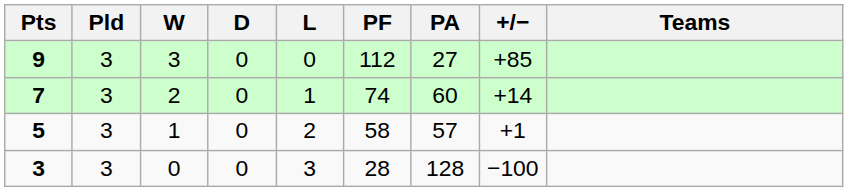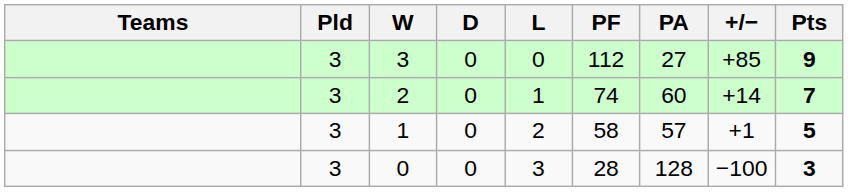 <table class="wikitable" style="text-align: center;">
 <tr>
-<th width="40">Pts</th>
+<th width="200">Teams</th>
 <th width="40">Pld</th>
 <th width="40">W</th>
 <th width="40">D</th>
 <th width="40">L</th>
 <th width="40">PF</th>
 <th width="40">PA</th>
 <th width="40">+/−</th>
-<th width="200">Teams</th>
+<th width="40">Pts</th>
 </tr>
 <tr bgcolor=ccffcc>
-<td><strong>9</strong></td>
+<td align=left></td>
 <td>3</td>
 <td>3</td>
 <td>0</td>
 <td>0</td>
 <td>112</td>
 <td>27</td>
 <td>+85</td>
-<td align=left></td>
+<td><strong>9</strong></td>
 </tr>
 <tr bgcolor=ccffcc>
-<td><strong>7</strong></td>
+<td align=left></td>
 <td>3</td>
 <td>2</td>
 <td>0</td>
 <td>1</td>
 <td>74</td>
 <td>60</td>
 <td>+14</td>
-<td align=left></td>
+<td><strong>7</strong></td>
 </tr>
 <tr>
-<td><strong>5</strong></td>
+<td align=left></td>
 <td>3</td>
 <td>1</td>
 <td>0</td>
 <td>2</td>
 <td>58</td>
 <td>57</td>
 <td>+1</td>
-<td align=left></td>
+<td><strong>5</strong></td>
 </tr>
 <tr>
-<td><strong>3</strong></td>
+<td align=left></td>
 <td>3</td>
 <td>0</td>
 <td>0</td>
 <td>3</td>
 <td>28</td>
 <td>128</td>
 <td>−100</td>
-<td align=left></td>
+<td><strong>3</strong></td>
 </tr>
 </table>
